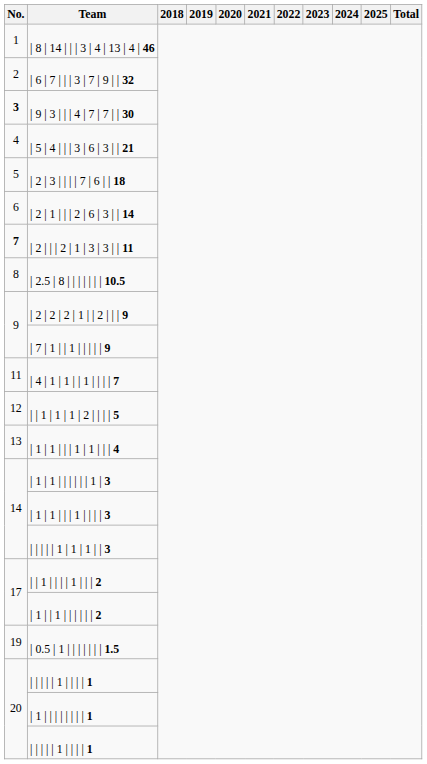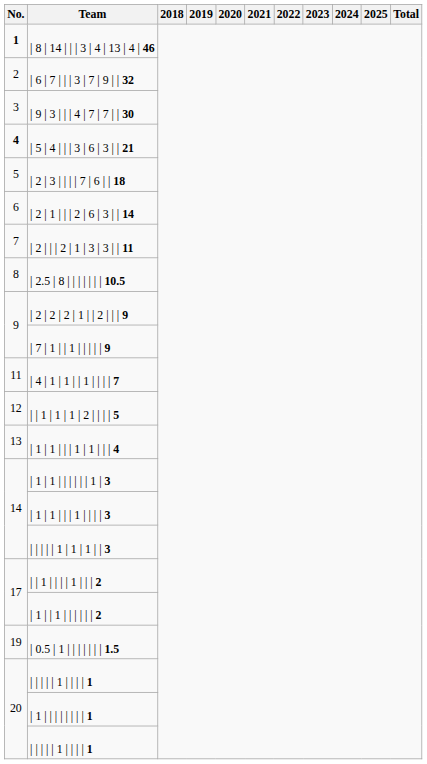 <table class="wikitable" style="font-size:90%; text-align:center">
 <tr>
 <th>No.</th>
 <th>Team</th>
 <th>2018</th>
 <th>2019</th>
 <th>2020</th>
 <th>2021</th>
 <th>2022</th>
 <th>2023</th>
 <th>2024</th>
 <th>2025</th>
 <th>Total</th>
 </tr>
 <tr>
-<td>1</td>
+<td><strong>1</strong></td>
 <td align="left"><br>| 8 | 14 |  |  | 3 | 4 | 13 | 4 | <strong>46</strong></td>
 </tr>
 <tr>
 <td>2</td>
 <td align="left"><br>| 6 | 7 |  |  | 3 | 7 | 9 |  | <strong>32</strong></td>
 </tr>
 <tr>
-<td><strong>3</strong></td>
+<td>3</td>
 <td align="left"><br>| 9 | 3 |  |  | 4 | 7 | 7 |  | <strong>30</strong></td>
 </tr>
 <tr>
-<td>4</td>
+<td><strong>4</strong></td>
 <td align="left"><br>| 5 | 4 |  |  | 3 | 6 | 3 |  | <strong>21</strong></td>
 </tr>
 <tr>
 <td>5</td>
 <td align="left"><br>| 2 | 3 |  |  |  | 7 | 6 |  | <strong>18</strong></td>
 </tr>
 <tr>
 <td>6</td>
 <td align="left"><br>| 2 | 1 |  |  | 2 | 6 | 3 |  | <strong>14</strong></td>
 </tr>
 <tr>
-<td><strong>7</strong></td>
+<td>7</td>
 <td align="left"><br>| 2 |  |  | 2 | 1 | 3 | 3 |  | <strong>11</strong></td>
 </tr>
 <tr>
 <td>8</td>
 <td align="left"><br>| 2.5  | 8 |  |  |  |  |  |  | <strong>10.5</strong></td>
 </tr>
 <tr>
 <td rowspan=2>9</td>
 <td align="left"><br>| 2 | 2 | 2 | 1 |  | 2 |  |  | <strong>9</strong></td>
 </tr>
 <tr>
 <td align="left"><br>| 7 | 1 |  | 1 |  |  |  |  | <strong>9</strong></td>
 </tr>
 <tr>
 <td>11</td>
 <td align="left"><br>| 4 | 1 | 1 |  | 1 |  |  |  | <strong>7</strong></td>
 </tr>
 <tr>
 <td>12</td>
 <td align="left"><br>|  | 1 | 1 | 1 | 2 |  |  |  | <strong>5</strong></td>
 </tr>
 <tr>
 <td>13</td>
 <td align="left"><br>| 1 | 1 |  |  | 1 | 1 |  |  | <strong>4</strong></td>
 </tr>
 <tr>
 <td rowspan="3">14</td>
 <td align="left"><br>| 1 | 1 |  |  |  |  |  | 1 | <strong>3</strong></td>
 </tr>
 <tr>
 <td align="left"><br>| 1 | 1 |  |  | 1 |  |  |  | <strong>3</strong></td>
 </tr>
 <tr>
 <td align="left"><br>|  |  |  |  | 1 | 1 | 1 |  | <strong>3</strong></td>
 </tr>
 <tr>
 <td rowspan="2">17</td>
 <td align="left"><br>|  | 1 |  |  |  | 1 |  |  | <strong>2</strong></td>
 </tr>
 <tr>
 <td align="left"><br>| 1 |  | 1 |  |  |  |  |  | <strong>2</strong></td>
 </tr>
 <tr>
 <td>19</td>
 <td align="left"><br>| 0.5 | 1 |  |  |  |  |  |  | <strong>1.5</strong></td>
 </tr>
 <tr>
 <td rowspan="4">20</td>
 <td align="left"><br>|  |  |  |  | 1 |  |  |  | <strong>1</strong></td>
 </tr>
 <tr>
 <td align="left"><br>| 1 |  |  |  |  |  |  |  | <strong>1</strong></td>
 </tr>
 <tr>
 <td align="left"><br>|  |  |  |  | 1 |  |  |  | <strong>1</strong></td>
 </tr>
 </table>
